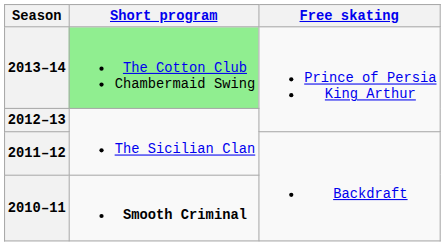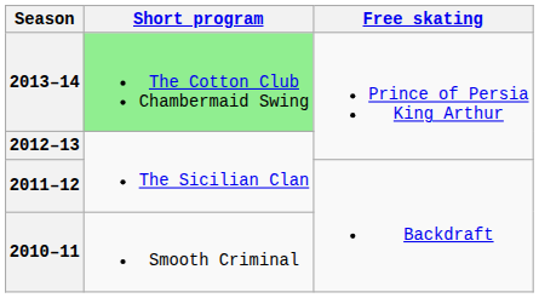 <table class="wikitable" style="text-align:center">
 <tr>
 <th>Season</th>
 <th><a href='#'>Short program</a></th>
 <th><a href='#'>Free skating</a></th>
 </tr>
 <tr>
 <th>2013–14 <br> </th>
 <td style="background: lightgreen;"><br><ul><li><a href='#'>The Cotton Club</a> <br></li><li>Chambermaid Swing <br></li></ul></td>
 <td rowspan="2"><br><ul><li><a href='#'>Prince of Persia</a> <br></li><li><a href='#'>King Arthur</a> <br></li></ul></td>
 </tr>
 <tr>
 <th>2012–13 <br> </th>
 <td rowspan="2"><br><ul><li><a href='#'>The Sicilian Clan</a> <br></li></ul></td>
 </tr>
 <tr>
 <th>2011–12 <br> </th>
 <td rowspan="2"><br><ul><li><a href='#'>Backdraft</a> <br></li></ul></td>
 </tr>
 <tr>
 <th>2010–11 <br> </th>
-<td><strong><br><ul><li>Smooth Criminal <br></li></ul></strong></td>
+<td><br><ul><li>Smooth Criminal <br></li></ul></td>
 </tr>
 </table>
